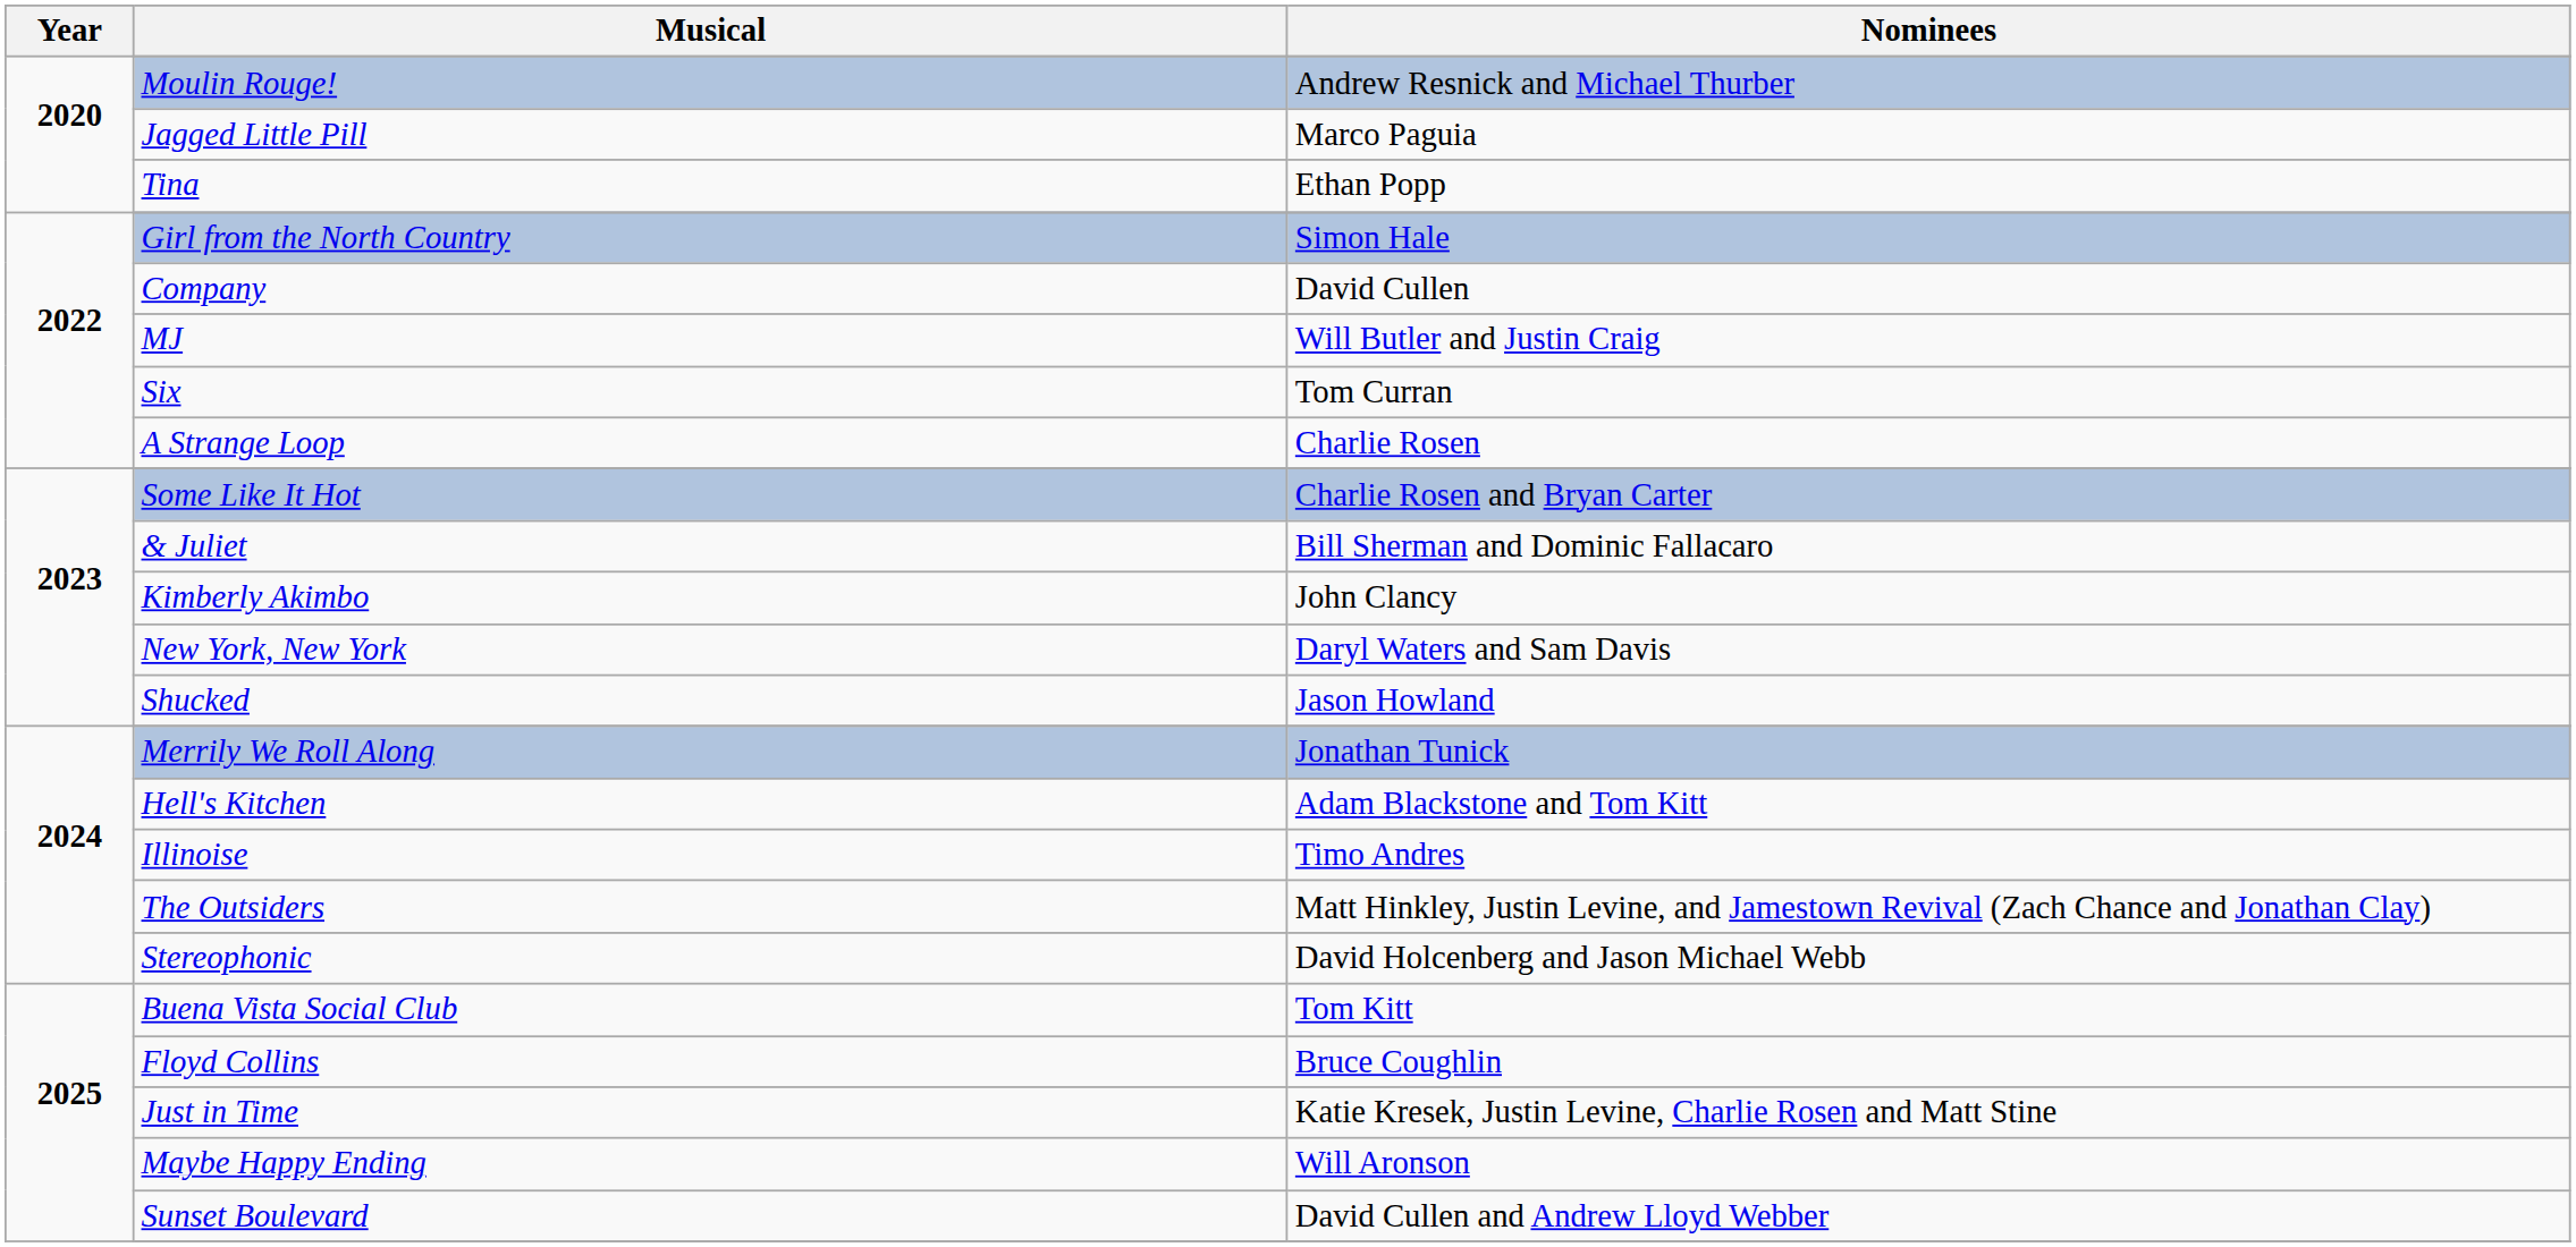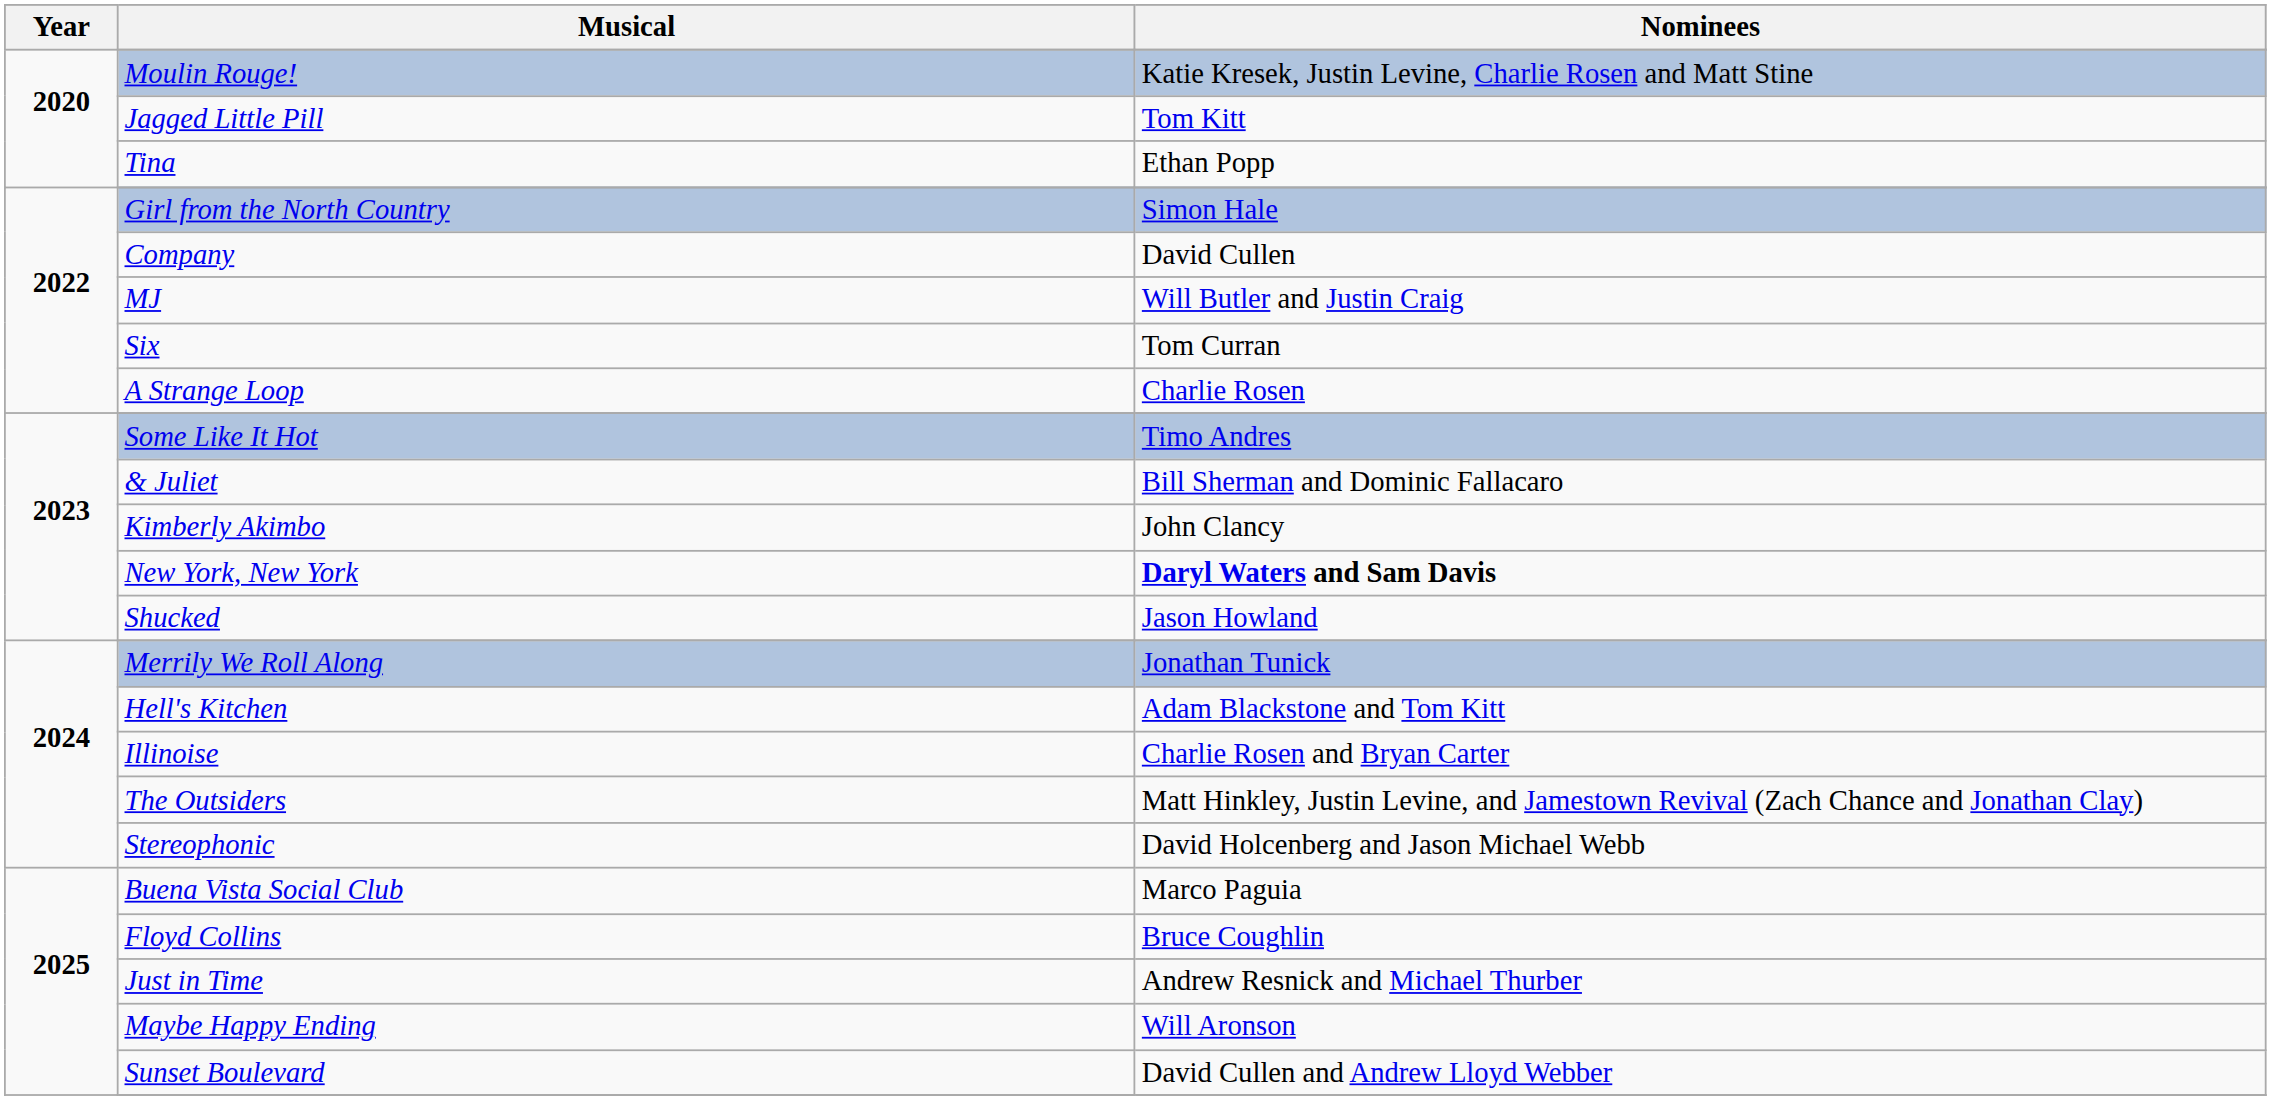 <table class="wikitable" style="width:100%;">
 <tr style="background:#bebebe;">
 <th style="width:5%;">Year</th>
 <th style="width:45%;">Musical</th>
 <th style="width:60%;">Nominees</th>
 </tr>
 <tr>
 <td rowspan=4 align="center"><strong>2020</strong><br><br></td>
 </tr>
 <tr style="background:#B0C4DE">
 <td><em><a href='#'>Moulin Rouge!</a></em></td>
-<td>Andrew Resnick and <a href='#'>Michael Thurber</a></td>
+<td>Katie Kresek, Justin Levine, <a href='#'>Charlie Rosen</a> and Matt Stine</td>
 </tr>
 <tr>
 <td><em><a href='#'>Jagged Little Pill</a></em></td>
-<td>Marco Paguia</td>
+<td><a href='#'>Tom Kitt</a></td>
 </tr>
 <tr>
 <td><em><a href='#'>Tina</a></em></td>
 <td>Ethan Popp</td>
 </tr>
 <tr>
 <td rowspan="6" align="center"><strong>2022</strong><br><br></td>
 </tr>
 <tr style="background:#B0C4DE">
 <td><em><a href='#'>Girl from the North Country</a></em></td>
 <td><a href='#'>Simon Hale</a></td>
 </tr>
 <tr>
 <td><em><a href='#'>Company</a></em></td>
 <td>David Cullen</td>
 </tr>
 <tr>
 <td><em><a href='#'>MJ</a></em></td>
 <td><a href='#'>Will Butler</a> and <a href='#'>Justin Craig</a></td>
 </tr>
 <tr>
 <td><em><a href='#'>Six</a></em></td>
 <td>Tom Curran</td>
 </tr>
 <tr>
 <td><em><a href='#'>A Strange Loop</a></em></td>
 <td><a href='#'>Charlie Rosen</a></td>
 </tr>
 <tr>
 <td rowspan="6" align="center"><strong>2023</strong><br><br></td>
 </tr>
 <tr style="background:#B0C4DE">
 <td><em><a href='#'>Some Like It Hot</a></em></td>
-<td><a href='#'>Charlie Rosen</a> and <a href='#'>Bryan Carter</a></td>
+<td><a href='#'>Timo Andres</a></td>
 </tr>
 <tr>
 <td><em><a href='#'>& Juliet</a></em></td>
 <td><a href='#'>Bill Sherman</a> and Dominic Fallacaro</td>
 </tr>
 <tr>
 <td><em><a href='#'>Kimberly Akimbo</a></em></td>
 <td>John Clancy</td>
 </tr>
 <tr>
 <td><em><a href='#'>New York, New York</a></em></td>
-<td><a href='#'>Daryl Waters</a> and Sam Davis</td>
+<td><strong><a href='#'>Daryl Waters</a> and Sam Davis</strong></td>
 </tr>
 <tr>
 <td><em><a href='#'>Shucked</a></em></td>
 <td><a href='#'>Jason Howland</a></td>
 </tr>
 <tr>
 <td rowspan="6" align="center"><strong>2024</strong><br><br></td>
 </tr>
 <tr style="background:#B0C4DE">
 <td><em><a href='#'>Merrily We Roll Along</a></em></td>
 <td><a href='#'>Jonathan Tunick</a></td>
 </tr>
 <tr>
 <td><em><a href='#'>Hell's Kitchen</a></em></td>
 <td><a href='#'>Adam Blackstone</a> and <a href='#'>Tom Kitt</a></td>
 </tr>
 <tr>
 <td><em><a href='#'>Illinoise</a></em></td>
-<td><a href='#'>Timo Andres</a></td>
+<td><a href='#'>Charlie Rosen</a> and <a href='#'>Bryan Carter</a></td>
 </tr>
 <tr>
 <td><em><a href='#'>The Outsiders</a></em></td>
 <td>Matt Hinkley, Justin Levine, and <a href='#'>Jamestown Revival</a> (Zach Chance and <a href='#'>Jonathan Clay</a>)</td>
 </tr>
 <tr>
 <td><em><a href='#'>Stereophonic</a></em></td>
 <td>David Holcenberg and Jason Michael Webb</td>
 </tr>
 <tr>
 <td rowspan="6" align="center"><strong>2025</strong><br><br></td>
 <td><em><a href='#'>Buena Vista Social Club</a></em></td>
-<td><a href='#'>Tom Kitt</a></td>
+<td>Marco Paguia</td>
 </tr>
 <tr>
 <td><em><a href='#'>Floyd Collins</a></em></td>
 <td><a href='#'>Bruce Coughlin</a></td>
 </tr>
 <tr>
 <td><em><a href='#'>Just in Time</a></em></td>
-<td>Katie Kresek, Justin Levine, <a href='#'>Charlie Rosen</a> and Matt Stine</td>
+<td>Andrew Resnick and <a href='#'>Michael Thurber</a></td>
 </tr>
 <tr>
 <td><em><a href='#'>Maybe Happy Ending</a></em></td>
 <td><a href='#'>Will Aronson</a></td>
 </tr>
 <tr>
 <td><em><a href='#'>Sunset Boulevard</a></em></td>
 <td>David Cullen and <a href='#'>Andrew Lloyd Webber</a></td>
 </tr>
 <tr>
 </tr>
 </table>
